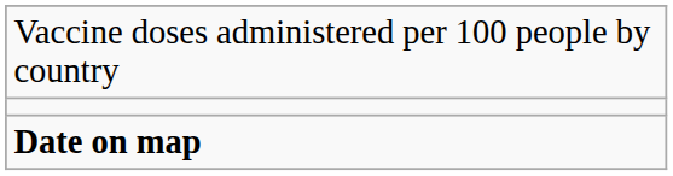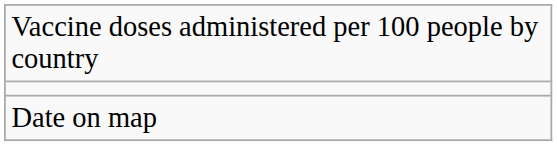 <table class=wikitable>
 <tr>
 <td style=max-width:300px>Vaccine doses administered per 100 people by country</td>
 </tr>
 <tr>
 <td></td>
 </tr>
 <tr>
-<td style=max-width:300px><strong>Date on map</strong></td>
+<td style=max-width:300px>Date on map</td>
 </tr>
 </table>
